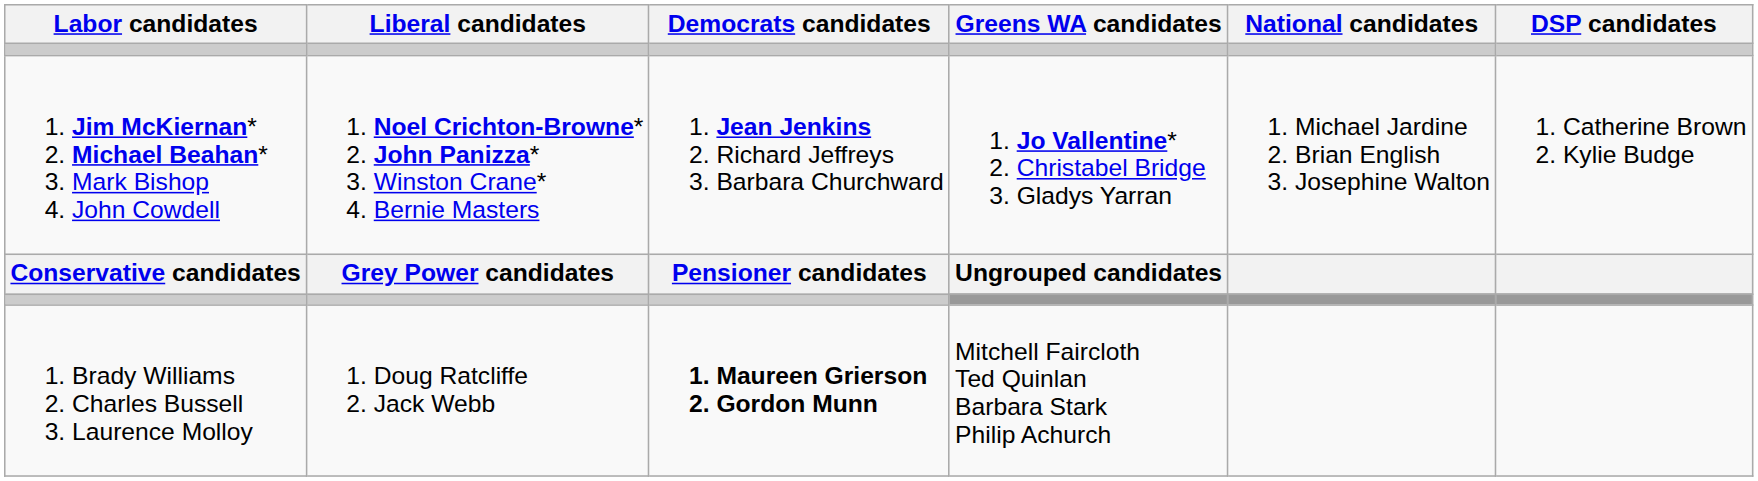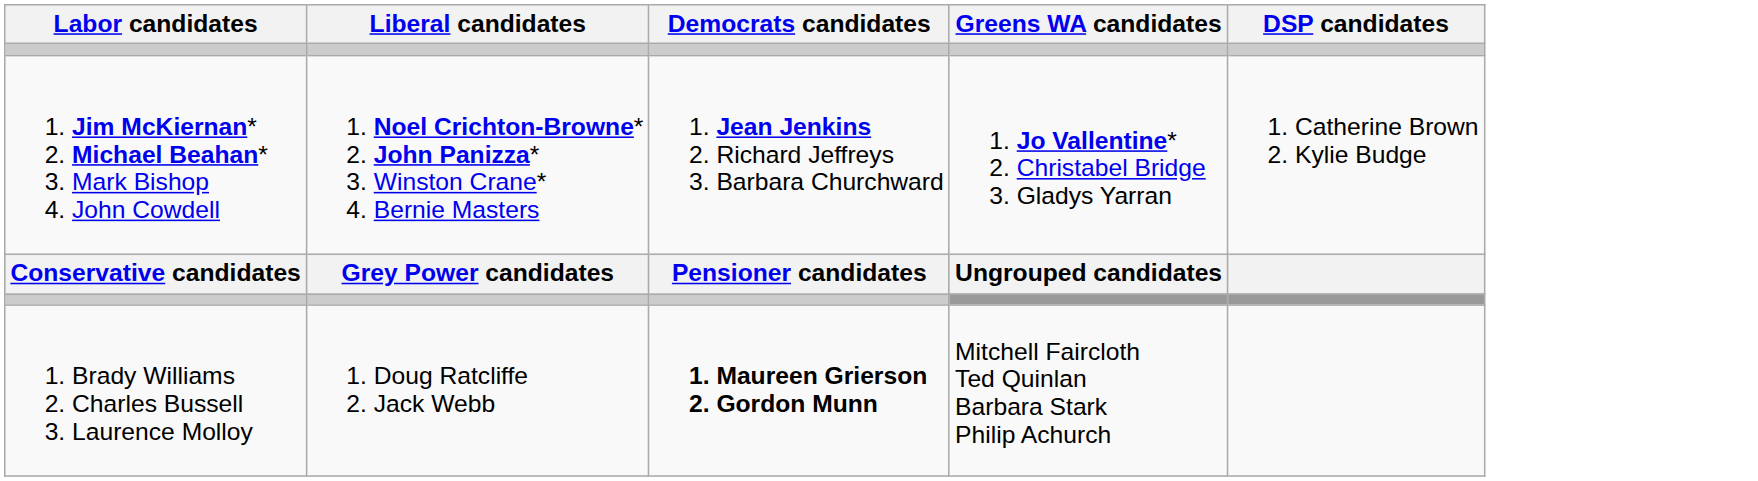 <table class="wikitable">
 <tr>
 <th><a href='#'>Labor</a> candidates</th>
 <th><a href='#'>Liberal</a> candidates</th>
 <th><a href='#'>Democrats</a> candidates</th>
 <th><a href='#'>Greens WA</a> candidates</th>
-<th><a href='#'>National</a> candidates</th>
 <th><a href='#'>DSP</a> candidates</th>
 </tr>
 <tr bgcolor="#cccccc">
-<td></td>
 <td></td>
 <td></td>
 <td></td>
 <td></td>
 <td></td>
 </tr>
 <tr>
 <td><br><ol><li><strong><a href='#'>Jim McKiernan</a></strong>*</li><li><strong><a href='#'>Michael Beahan</a></strong>*</li><li><a href='#'>Mark Bishop</a></li><li><a href='#'>John Cowdell</a></li></ol></td>
 <td><br><ol><li><strong><a href='#'>Noel Crichton-Browne</a></strong>*</li><li><strong><a href='#'>John Panizza</a></strong>*</li><li><a href='#'>Winston Crane</a>*</li><li><a href='#'>Bernie Masters</a></li></ol></td>
 <td valign=top><br><ol><li><strong><a href='#'>Jean Jenkins</a></strong></li><li>Richard Jeffreys</li><li>Barbara Churchward</li></ol></td>
 <td><br><ol><li><strong><a href='#'>Jo Vallentine</a></strong>*</li><li><a href='#'>Christabel Bridge</a></li><li>Gladys Yarran</li></ol></td>
-<td valign=top><br><ol><li>Michael Jardine</li><li>Brian English</li><li>Josephine Walton</li></ol></td>
 <td valign=top><br><ol><li>Catherine Brown</li><li>Kylie Budge</li></ol></td>
 </tr>
 <tr bgcolor="#cccccc">
 <th><a href='#'>Conservative</a> candidates</th>
 <th><a href='#'>Grey Power</a> candidates</th>
 <th><a href='#'>Pensioner</a> candidates</th>
 <th>Ungrouped candidates</th>
 <th></th>
-<th></th>
 </tr>
 <tr bgcolor="#cccccc">
 <td></td>
 <td></td>
 <td></td>
-<td bgcolor="#999999"></td>
 <td bgcolor="#999999"></td>
 <td bgcolor="#999999"></td>
 </tr>
 <tr>
 <td valign=top><br><ol><li>Brady Williams</li><li>Charles Bussell</li><li>Laurence Molloy</li></ol></td>
 <td valign=top><br><ol><li>Doug Ratcliffe</li><li>Jack Webb</li></ol></td>
 <td valign=top><strong><br><ol><li>Maureen Grierson</li><li>Gordon Munn</li></ol></strong></td>
 <td valign=top><br>Mitchell Faircloth<br> Ted Quinlan<br> Barbara Stark<br> Philip Achurch</td>
 <td valign=top></td>
-<td valign=top></td>
 </tr>
 </table>
